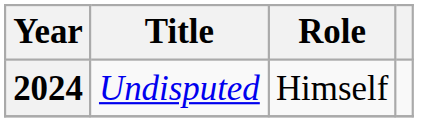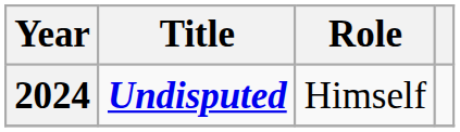 <table class="wikitable sortable plainrowheaders">
 <tr>
 <th scope="col">Year</th>
 <th scope="col">Title</th>
 <th scope="col">Role</th>
 <th scope="col" class="unsortable"></th>
 </tr>
 <tr>
 <th scope="row">2024</th>
-<td><em><a href='#'>Undisputed</a></em></td>
+<td><strong><em><a href='#'>Undisputed</a></em></strong></td>
 <td>Himself</td>
 <td></td>
 </tr>
 <tr>
 </tr>
 </table>
